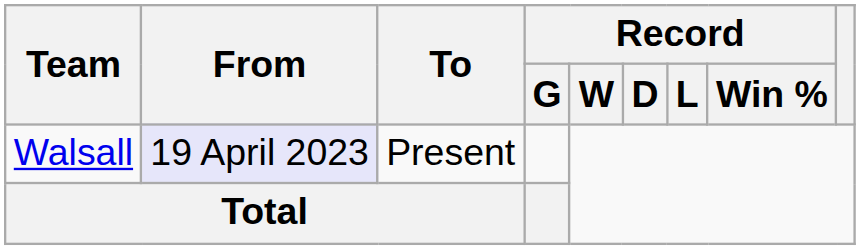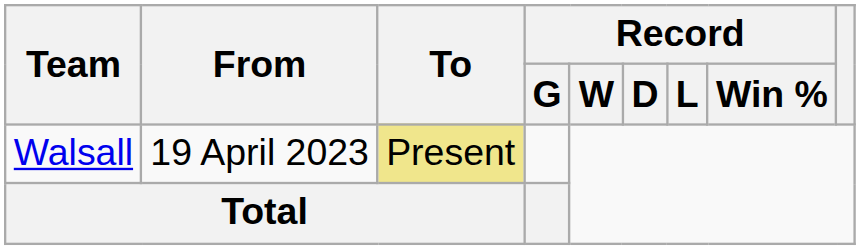 <table class="wikitable" style="text-align:centre">
 <tr>
 <th rowspan=2>Team</th>
 <th rowspan=2>From</th>
 <th rowspan=2>To</th>
 <th colspan=5>Record</th>
 <th rowspan=2></th>
 </tr>
 <tr>
 <th>G</th>
 <th>W</th>
 <th>D</th>
 <th>L</th>
 <th>Win %</th>
 </tr>
 <tr>
 <td align=left><a href='#'>Walsall</a></td>
-<td align=left style="background: lavender;">19 April 2023</td>
-<td align=left>Present<br></td>
+<td align=left>19 April 2023</td>
+<td align=left style="background: khaki;">Present<br></td>
 <td></td>
 </tr>
 <tr>
 <th colspan="3">Total<br></th>
 <th></th>
 </tr>
 </table>
